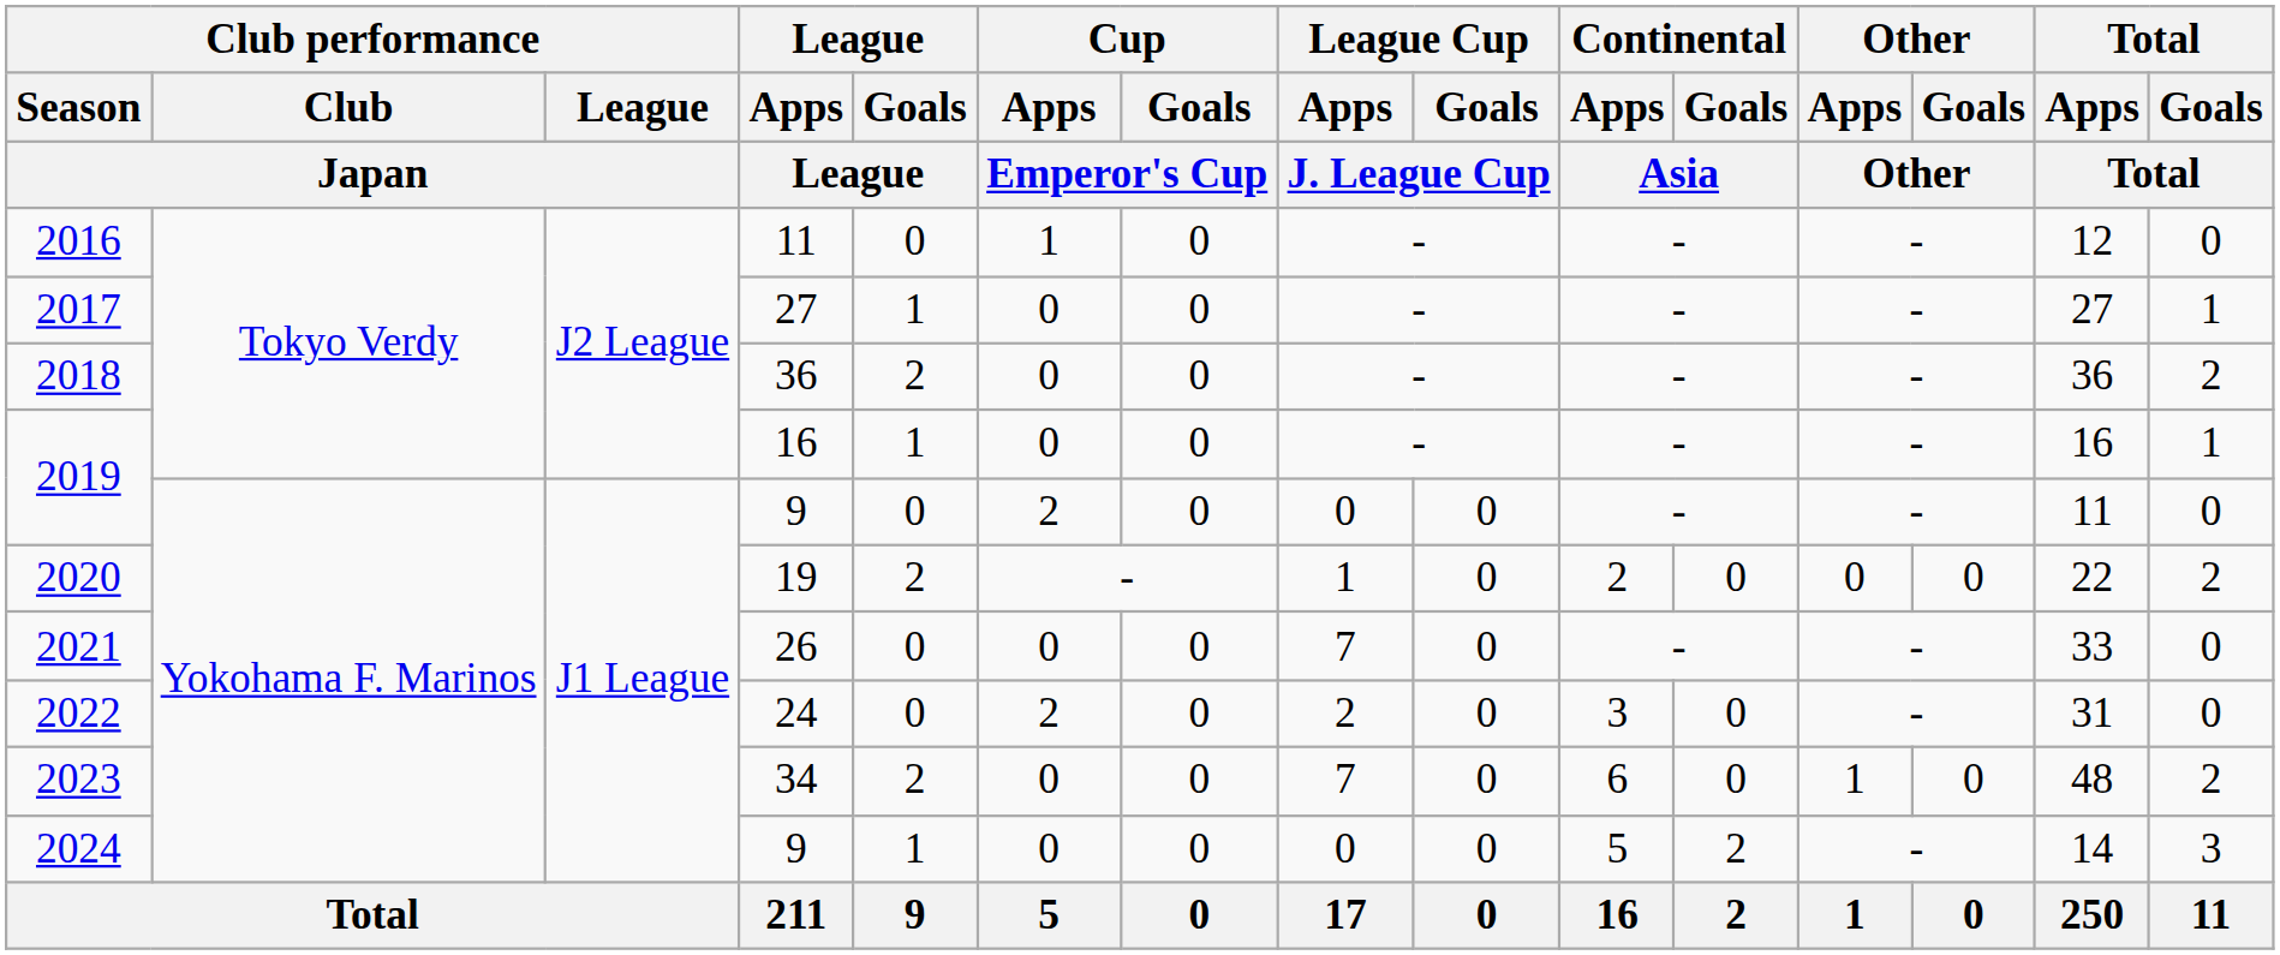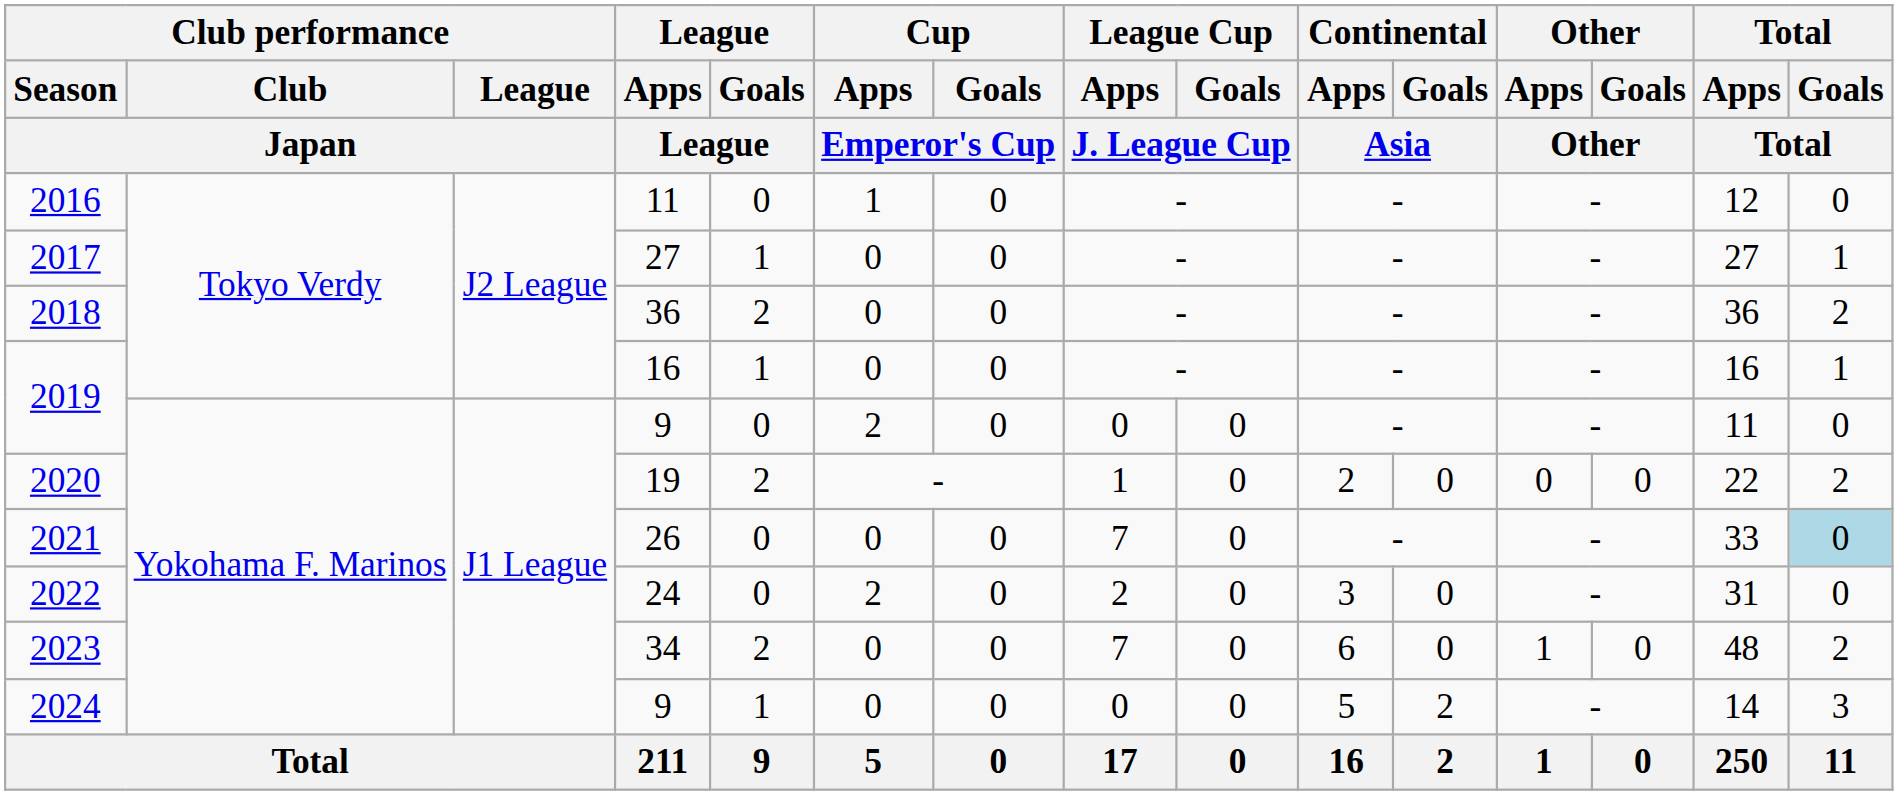 <table class="wikitable" style="text-align:center;">
 <tr>
 <th colspan=3>Club performance</th>
 <th colspan=2>League</th>
 <th colspan=2>Cup</th>
 <th colspan=2>League Cup</th>
 <th colspan=2>Continental</th>
 <th colspan=2>Other</th>
 <th colspan=2>Total</th>
 </tr>
 <tr>
 <th>Season</th>
 <th>Club</th>
 <th>League</th>
 <th>Apps</th>
 <th>Goals</th>
 <th>Apps</th>
 <th>Goals</th>
 <th>Apps</th>
 <th>Goals</th>
 <th>Apps</th>
 <th>Goals</th>
 <th>Apps</th>
 <th>Goals</th>
 <th>Apps</th>
 <th>Goals</th>
 </tr>
 <tr>
 <th colspan=3>Japan</th>
 <th colspan=2>League</th>
 <th colspan=2><a href='#'>Emperor's Cup</a></th>
 <th colspan=2><a href='#'>J. League Cup</a></th>
 <th colspan=2><a href='#'>Asia</a></th>
 <th colspan=2>Other</th>
 <th colspan=2>Total</th>
 </tr>
 <tr>
 <td><a href='#'>2016</a></td>
 <td rowspan="4"><a href='#'>Tokyo Verdy</a></td>
 <td rowspan="4"><a href='#'>J2 League</a></td>
 <td>11</td>
 <td>0</td>
 <td>1</td>
 <td>0</td>
 <td colspan="2">-</td>
 <td colspan="2">-</td>
 <td colspan="2">-</td>
 <td>12</td>
 <td>0</td>
 </tr>
 <tr>
 <td><a href='#'>2017</a></td>
 <td>27</td>
 <td>1</td>
 <td>0</td>
 <td>0</td>
 <td colspan="2">-</td>
 <td colspan="2">-</td>
 <td colspan="2">-</td>
 <td>27</td>
 <td>1</td>
 </tr>
 <tr>
 <td><a href='#'>2018</a></td>
 <td>36</td>
 <td>2</td>
 <td>0</td>
 <td>0</td>
 <td colspan="2">-</td>
 <td colspan="2">-</td>
 <td colspan="2">-</td>
 <td>36</td>
 <td>2</td>
 </tr>
 <tr>
 <td rowspan="2"><a href='#'>2019</a></td>
 <td>16</td>
 <td>1</td>
 <td>0</td>
 <td>0</td>
 <td colspan="2">-</td>
 <td colspan="2">-</td>
 <td colspan="2">-</td>
 <td>16</td>
 <td>1</td>
 </tr>
 <tr>
 <td rowspan="6"><a href='#'>Yokohama F. Marinos</a></td>
 <td rowspan="6"><a href='#'>J1 League</a></td>
 <td>9</td>
 <td>0</td>
 <td>2</td>
 <td>0</td>
 <td>0</td>
 <td>0</td>
 <td colspan="2">-</td>
 <td colspan="2">-</td>
 <td>11</td>
 <td>0</td>
 </tr>
 <tr>
 <td><a href='#'>2020</a></td>
 <td>19</td>
 <td>2</td>
 <td colspan="2">-</td>
 <td>1</td>
 <td>0</td>
 <td>2</td>
 <td>0</td>
 <td>0</td>
 <td>0</td>
 <td>22</td>
 <td>2</td>
 </tr>
 <tr>
 <td><a href='#'>2021</a></td>
 <td>26</td>
 <td>0</td>
 <td>0</td>
 <td>0</td>
 <td>7</td>
 <td>0</td>
 <td colspan="2">-</td>
 <td colspan="2">-</td>
 <td>33</td>
-<td>0</td>
+<td style="background: lightblue;">0</td>
 </tr>
 <tr>
 <td><a href='#'>2022</a></td>
 <td>24</td>
 <td>0</td>
 <td>2</td>
 <td>0</td>
 <td>2</td>
 <td>0</td>
 <td>3</td>
 <td>0</td>
 <td colspan="2">-</td>
 <td>31</td>
 <td>0</td>
 </tr>
 <tr>
 <td><a href='#'>2023</a></td>
 <td>34</td>
 <td>2</td>
 <td>0</td>
 <td>0</td>
 <td>7</td>
 <td>0</td>
 <td>6</td>
 <td>0</td>
 <td>1</td>
 <td>0</td>
 <td>48</td>
 <td>2</td>
 </tr>
 <tr>
 <td><a href='#'>2024</a></td>
 <td>9</td>
 <td>1</td>
 <td>0</td>
 <td>0</td>
 <td>0</td>
 <td>0</td>
 <td>5</td>
 <td>2</td>
 <td colspan="2">-</td>
 <td>14</td>
 <td>3</td>
 </tr>
 <tr>
 <th colspan=3>Total</th>
 <th>211</th>
 <th>9</th>
 <th>5</th>
 <th>0</th>
 <th>17</th>
 <th>0</th>
 <th>16</th>
 <th>2</th>
 <th>1</th>
 <th>0</th>
 <th>250</th>
 <th>11</th>
 </tr>
 </table>
